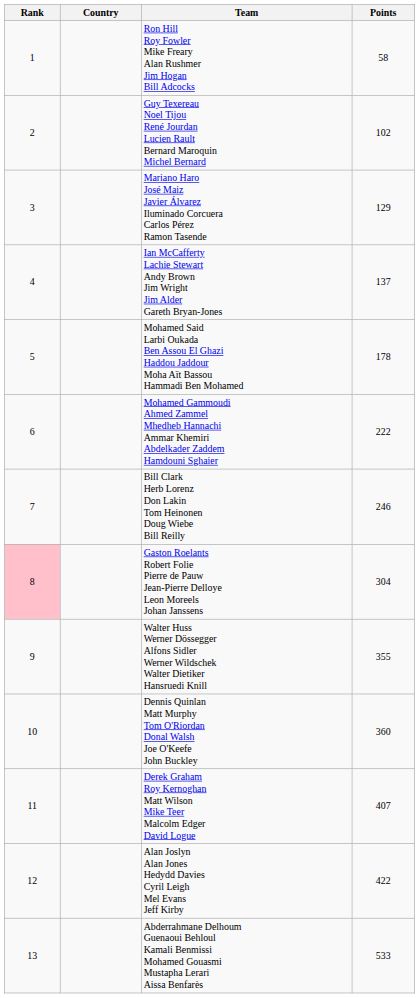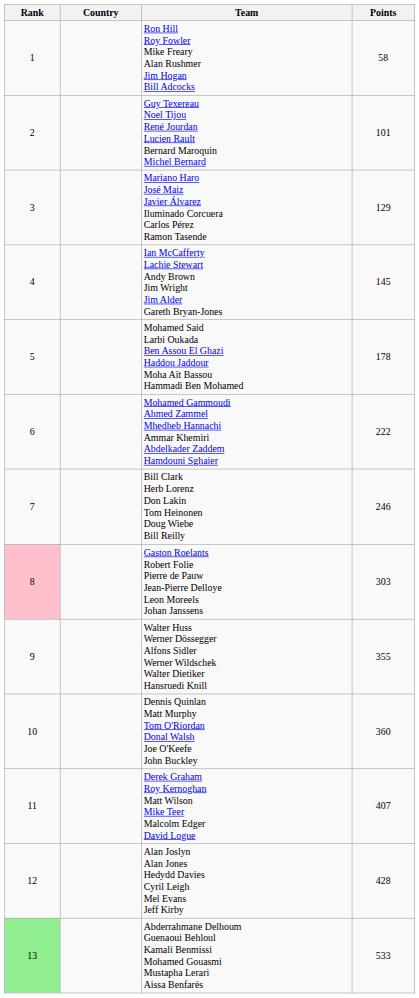 <table class="wikitable sortable" style=" text-align:center; font-size:95%;" width="50%">
 <tr>
 <th>Rank</th>
 <th>Country</th>
 <th>Team</th>
 <th>Points</th>
 </tr>
 <tr>
 <td align=center>1</td>
 <td align=left></td>
 <td align=left><a href='#'>Ron Hill</a><br><a href='#'>Roy Fowler</a><br>Mike Freary<br>Alan Rushmer<br><a href='#'>Jim Hogan</a><br><a href='#'>Bill Adcocks</a></td>
 <td>58</td>
 </tr>
 <tr>
 <td align=center>2</td>
 <td align=left></td>
 <td align=left><a href='#'>Guy Texereau</a><br><a href='#'>Noel Tijou</a><br><a href='#'>René Jourdan</a><br><a href='#'>Lucien Rault</a><br>Bernard Maroquin<br><a href='#'>Michel Bernard</a></td>
-<td>102</td>
+<td>101</td>
 </tr>
 <tr>
 <td align=center>3</td>
 <td align=left></td>
 <td align=left><a href='#'>Mariano Haro</a><br><a href='#'>José Maiz</a><br><a href='#'>Javier Álvarez</a><br>Iluminado Corcuera<br>Carlos Pérez<br>Ramon Tasende</td>
 <td>129</td>
 </tr>
 <tr>
 <td align=center>4</td>
 <td align=left></td>
 <td align=left><a href='#'>Ian McCafferty</a><br><a href='#'>Lachie Stewart</a><br>Andy Brown<br>Jim Wright<br><a href='#'>Jim Alder</a><br>Gareth Bryan-Jones</td>
-<td>137</td>
+<td>145</td>
 </tr>
 <tr>
 <td align=center>5</td>
 <td align=left></td>
 <td align=left>Mohamed Said<br>Larbi Oukada<br><a href='#'>Ben Assou El Ghazi</a><br><a href='#'>Haddou Jaddour</a><br>Moha Aït Bassou<br>Hammadi Ben Mohamed</td>
 <td>178</td>
 </tr>
 <tr>
 <td align=center>6</td>
 <td align=left></td>
 <td align=left><a href='#'>Mohamed Gammoudi</a><br><a href='#'>Ahmed Zammel</a><br><a href='#'>Mhedheb Hannachi</a><br>Ammar Khemiri<br><a href='#'>Abdelkader Zaddem</a><br><a href='#'>Hamdouni Sghaier</a></td>
 <td>222</td>
 </tr>
 <tr>
 <td align=center>7</td>
 <td align=left></td>
 <td align=left>Bill Clark<br>Herb Lorenz<br>Don Lakin<br>Tom Heinonen<br>Doug Wiebe<br>Bill Reilly</td>
 <td>246</td>
 </tr>
 <tr>
 <td align=center style="background: pink;">8</td>
 <td align=left></td>
 <td align=left><a href='#'>Gaston Roelants</a><br>Robert Folie<br>Pierre de Pauw<br>Jean-Pierre Delloye<br>Leon Moreels<br>Johan Janssens</td>
-<td>304</td>
+<td>303</td>
 </tr>
 <tr>
 <td align=center>9</td>
 <td align=left></td>
 <td align=left>Walter Huss<br>Werner Dössegger<br>Alfons Sidler<br>Werner Wildschek<br>Walter Dietiker<br>Hansruedi Knill</td>
 <td>355</td>
 </tr>
 <tr>
 <td align=center>10</td>
 <td align=left></td>
 <td align=left>Dennis Quinlan<br>Matt Murphy<br><a href='#'>Tom O'Riordan</a><br><a href='#'>Donal Walsh</a><br>Joe O'Keefe<br>John Buckley</td>
 <td>360</td>
 </tr>
 <tr>
 <td align=center>11</td>
 <td align=left></td>
 <td align=left><a href='#'>Derek Graham</a><br><a href='#'>Roy Kernoghan</a><br>Matt Wilson<br><a href='#'>Mike Teer</a><br>Malcolm Edger<br><a href='#'>David Logue</a></td>
 <td>407</td>
 </tr>
 <tr>
 <td align=center>12</td>
 <td align=left></td>
 <td align=left>Alan Joslyn<br>Alan Jones<br>Hedydd Davies<br>Cyril Leigh<br>Mel Evans<br>Jeff Kirby</td>
-<td>422</td>
+<td>428</td>
 </tr>
 <tr>
-<td align=center>13</td>
+<td align=center style="background: lightgreen;">13</td>
 <td align=left></td>
 <td align=left>Abderrahmane Delhoum<br>Guenaoui Behloul<br>Kamali Benmissi<br>Mohamed Gouasmi<br>Mustapha Lerari<br>Aissa Benfarès</td>
 <td>533</td>
 </tr>
 </table>
